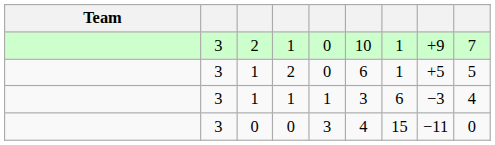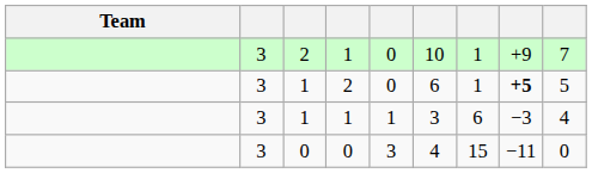 <table class="wikitable" style="text-align: center; font-size: 90%;">
 <tr>
 <th width=165>Team</th>
 <th width=25></th>
 <th width=25></th>
 <th width=25></th>
 <th width=25></th>
 <th width=25></th>
 <th width=25></th>
 <th width=25></th>
 <th width=25></th>
 </tr>
 <tr style="background:#cfc;">
 <td align="left"></td>
 <td>3</td>
 <td>2</td>
 <td>1</td>
 <td>0</td>
 <td>10</td>
 <td>1</td>
 <td>+9</td>
 <td>7</td>
 </tr>
 <tr>
 <td align="left"></td>
 <td>3</td>
 <td>1</td>
 <td>2</td>
 <td>0</td>
 <td>6</td>
 <td>1</td>
-<td>+5</td>
+<td><strong>+5</strong></td>
 <td>5</td>
 </tr>
 <tr>
 <td align="left"></td>
 <td>3</td>
 <td>1</td>
 <td>1</td>
 <td>1</td>
 <td>3</td>
 <td>6</td>
 <td>−3</td>
 <td>4</td>
 </tr>
 <tr>
 <td align="left"></td>
 <td>3</td>
 <td>0</td>
 <td>0</td>
 <td>3</td>
 <td>4</td>
 <td>15</td>
 <td>−11</td>
 <td>0</td>
 </tr>
 </table>
